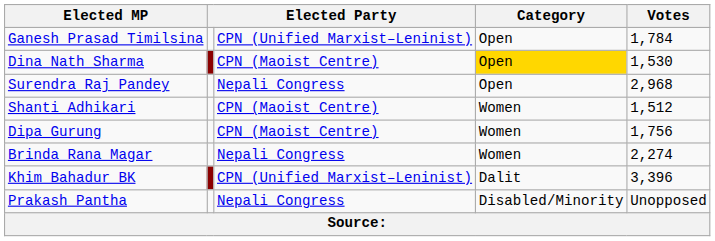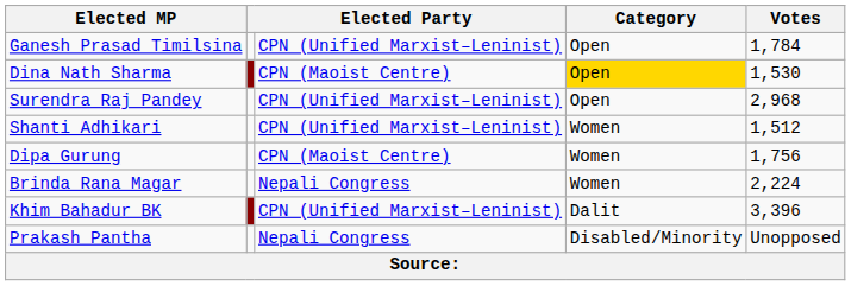 <table class="wikitable sortable">
 <tr>
 <th>Elected MP</th>
 <th colspan="2">Elected Party</th>
 <th>Category</th>
 <th>Votes</th>
 </tr>
 <tr>
 <td><a href='#'>Ganesh Prasad Timilsina</a></td>
 <td></td>
 <td><a href='#'>CPN (Unified Marxist–Leninist)</a></td>
 <td>Open</td>
 <td>1,784</td>
 </tr>
 <tr>
 <td><a href='#'>Dina Nath Sharma</a></td>
 <td bgcolor="8B0000"></td>
 <td><a href='#'>CPN (Maoist Centre)</a></td>
 <td style="background: gold;">Open</td>
 <td>1,530</td>
 </tr>
 <tr>
 <td><a href='#'>Surendra Raj Pandey</a></td>
 <td></td>
-<td><a href='#'>Nepali Congress</a></td>
+<td><a href='#'>CPN (Unified Marxist–Leninist)</a></td>
 <td>Open</td>
 <td>2,968</td>
 </tr>
 <tr>
 <td><a href='#'>Shanti Adhikari</a></td>
 <td></td>
-<td><a href='#'>CPN (Maoist Centre)</a></td>
+<td><a href='#'>CPN (Unified Marxist–Leninist)</a></td>
 <td>Women</td>
 <td>1,512</td>
 </tr>
 <tr>
 <td><a href='#'>Dipa Gurung</a></td>
 <td></td>
 <td><a href='#'>CPN (Maoist Centre)</a></td>
 <td>Women</td>
 <td>1,756</td>
 </tr>
 <tr>
 <td><a href='#'>Brinda Rana Magar</a></td>
 <td></td>
 <td><a href='#'>Nepali Congress</a></td>
 <td>Women</td>
-<td>2,274</td>
+<td>2,224</td>
 </tr>
 <tr>
 <td><a href='#'>Khim Bahadur BK</a></td>
 <td bgcolor="8B0000"></td>
 <td><a href='#'>CPN (Unified Marxist–Leninist)</a></td>
 <td>Dalit</td>
 <td>3,396</td>
 </tr>
 <tr>
 <td><a href='#'>Prakash Pantha</a></td>
 <td></td>
 <td><a href='#'>Nepali Congress</a></td>
 <td>Disabled/Minority</td>
 <td>Unopposed</td>
 </tr>
 <tr>
 <th colspan="5">Source: </th>
 </tr>
 </table>
